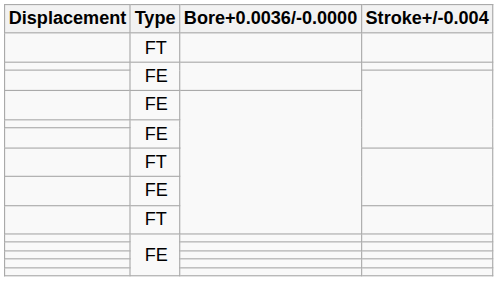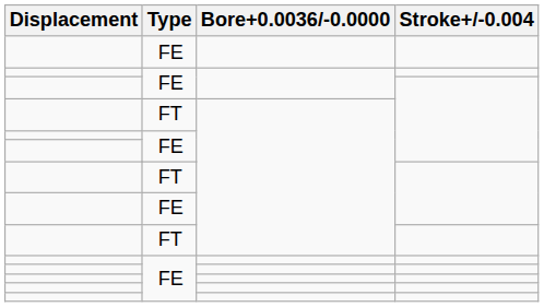 <table class="wikitable" ;>
 <tr>
 <th>Displacement</th>
 <th>Type</th>
 <th>Bore+0.0036/-0.0000</th>
 <th>Stroke+/-0.004</th>
 </tr>
 <tr align=left>
 <td></td>
-<td>  FT</td>
+<td>  FE</td>
 <td></td>
 <td></td>
 </tr>
 <tr align=left>
 <td></td>
 <td rowspan="2">  FE</td>
 <td rowspan="2"></td>
 <td></td>
 </tr>
 <tr align=left>
 <td></td>
 <td rowspan="5"></td>
 </tr>
 <tr align=left>
 <td></td>
-<td>  FE</td>
+<td>  FT</td>
 <td rowspan="7"></td>
 </tr>
 <tr align=left>
 <td></td>
 <td rowspan="2">  FE</td>
 </tr>
 <tr align=left>
 <td rowspan="2"></td>
 </tr>
 <tr align=left>
 <td rowspan="2">  FT</td>
 </tr>
 <tr align=left>
 <td></td>
 <td rowspan="2"></td>
 </tr>
 <tr align=left>
 <td></td>
 <td>  FE</td>
 </tr>
 <tr align=left>
 <td></td>
 <td>  FT</td>
 <td></td>
 </tr>
 <tr align=left>
 <td></td>
 <td rowspan="5">  FE</td>
 <td></td>
 <td></td>
 </tr>
 <tr align=left>
 <td></td>
 <td></td>
 <td></td>
 </tr>
 <tr align=left>
 <td></td>
 <td></td>
 <td></td>
 </tr>
 <tr align=left>
 <td></td>
 <td></td>
 <td></td>
 </tr>
 <tr align=left>
 <td></td>
 <td></td>
 <td></td>
 </tr>
 </table>
